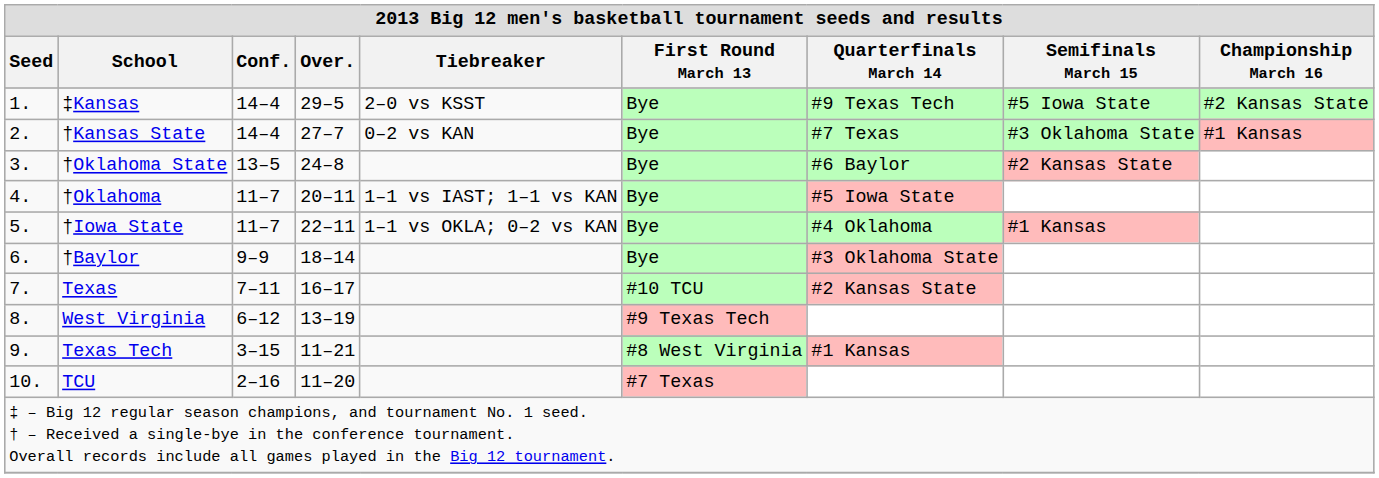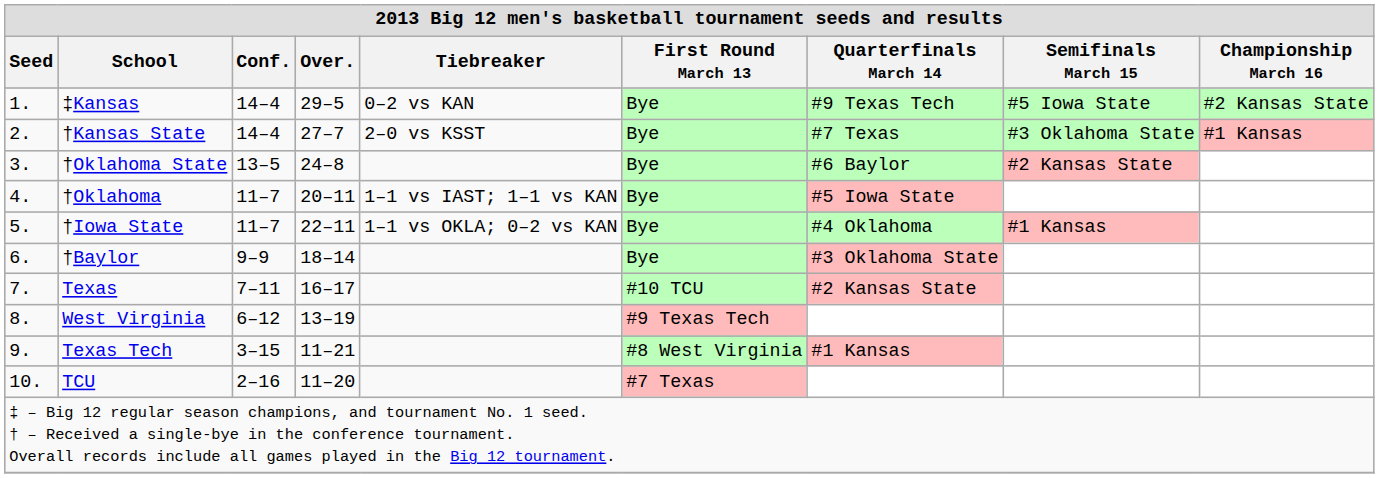 <table class="wikitable" style="white-space:nowrap; font-size:90%;">
 <tr>
 <td colspan="10" style="text-align:center; background:#DDDDDD; font:#000000"><strong>2013 Big 12 men's basketball tournament seeds and results</strong></td>
 </tr>
 <tr bgcolor="#efefef">
 <th>Seed</th>
 <th>School</th>
 <th>Conf.</th>
 <th>Over.</th>
 <th>Tiebreaker</th>
 <th>First Round<br><small>March 13</small></th>
 <th>Quarterfinals<br><small>March 14</small></th>
 <th>Semifinals<br><small>March 15</small></th>
 <th>Championship<br><small>March 16</small></th>
 </tr>
 <tr>
 <td>1.</td>
 <td>‡<a href='#'>Kansas</a></td>
 <td>14–4</td>
 <td>29–5</td>
-<td>2–0 vs KSST</td>
+<td>0–2 vs KAN</td>
 <td style="background:#bfb;">Bye</td>
 <td style="background:#bfb;">#9 Texas Tech</td>
 <td style="background:#bfb;">#5 Iowa State</td>
 <td style="background:#bfb;">#2 Kansas State</td>
 </tr>
 <tr>
 <td>2.</td>
 <td>†<a href='#'>Kansas State</a></td>
 <td>14–4</td>
 <td>27–7</td>
-<td>0–2 vs KAN</td>
+<td>2–0 vs KSST</td>
 <td style="background:#bfb;">Bye</td>
 <td style="background:#bfb;">#7 Texas</td>
 <td style="background:#bfb;">#3 Oklahoma State</td>
 <td style="background:#fbb;">#1 Kansas</td>
 </tr>
 <tr>
 <td>3.</td>
 <td>†<a href='#'>Oklahoma State</a></td>
 <td>13–5</td>
 <td>24–8</td>
 <td></td>
 <td style="background:#bfb;">Bye</td>
 <td style="background:#bfb;">#6 Baylor</td>
 <td style="background:#fbb;">#2 Kansas State</td>
 <td style="background:#fff;"></td>
 </tr>
 <tr>
 <td>4.</td>
 <td>†<a href='#'>Oklahoma</a></td>
 <td>11–7</td>
 <td>20–11</td>
 <td>1–1 vs IAST; 1–1 vs KAN</td>
 <td style="background:#bfb;">Bye</td>
 <td style="background:#fbb;">#5 Iowa State</td>
 <td style="background:#fff;"></td>
 <td style="background:#fff;"></td>
 </tr>
 <tr>
 <td>5.</td>
 <td>†<a href='#'>Iowa State</a></td>
 <td>11–7</td>
 <td>22–11</td>
 <td>1–1 vs OKLA; 0–2 vs KAN</td>
 <td style="background:#bfb;">Bye</td>
 <td style="background:#bfb;">#4 Oklahoma</td>
 <td style="background:#fbb;">#1 Kansas</td>
 <td style="background:#fff;"></td>
 </tr>
 <tr>
 <td>6.</td>
 <td>†<a href='#'>Baylor</a></td>
 <td>9–9</td>
 <td>18–14</td>
 <td></td>
 <td style="background:#bfb;">Bye</td>
 <td style="background:#fbb;">#3 Oklahoma State</td>
 <td style="background:#fff;"></td>
 <td style="background:#fff;"></td>
 </tr>
 <tr>
 <td>7.</td>
 <td><a href='#'>Texas</a></td>
 <td>7–11</td>
 <td>16–17</td>
 <td></td>
 <td style="background:#bfb;">#10 TCU</td>
 <td style="background:#fbb;">#2 Kansas State</td>
 <td style="background:#fff;"></td>
 <td style="background:#fff;"></td>
 </tr>
 <tr>
 <td>8.</td>
 <td><a href='#'>West Virginia</a></td>
 <td>6–12</td>
 <td>13–19</td>
 <td></td>
 <td style="background:#fbb;">#9 Texas Tech</td>
 <td style="background:#fff;"></td>
 <td style="background:#fff;"></td>
 <td style="background:#fff;"></td>
 </tr>
 <tr>
 <td>9.</td>
 <td><a href='#'>Texas Tech</a></td>
 <td>3–15</td>
 <td>11–21</td>
 <td></td>
 <td style="background:#bfb;">#8 West Virginia</td>
 <td style="background:#fbb;">#1 Kansas</td>
 <td style="background:#fff;"></td>
 <td style="background:#fff;"></td>
 </tr>
 <tr>
 <td>10.</td>
 <td><a href='#'>TCU</a></td>
 <td>2–16</td>
 <td>11–20</td>
 <td></td>
 <td style="background:#fbb;">#7 Texas</td>
 <td style="background:#fff;"></td>
 <td style="background:#fff;"></td>
 <td style="background:#fff;"></td>
 </tr>
 <tr>
 <td colspan="10" style="text-align:left;"><small>‡ – Big 12 regular season champions, and tournament No. 1 seed.<br>† – Received a single-bye in the conference tournament.<br>Overall records include all games played in the <a href='#'>Big 12 tournament</a>.</small></td>
 </tr>
 <tr>
 </tr>
 </table>
